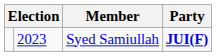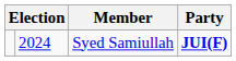 <table class="wikitable">
 <tr>
 <th colspan="2">Election</th>
 <th>Member</th>
 <th>Party</th>
 </tr>
 <tr>
 <td></td>
-<td><a href='#'>2023</a></td>
+<td><a href='#'>2024</a></td>
 <td><a href='#'>Syed Samiullah</a></td>
 <td><strong><a href='#'>JUI(F)</a></strong></td>
 </tr>
 </table>
